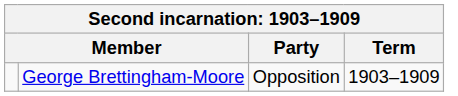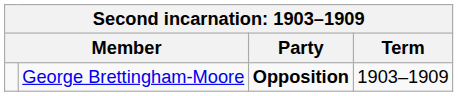 <table class="wikitable">
 <tr>
 <th colspan=4>Second incarnation: 1903–1909</th>
 </tr>
 <tr>
 <th colspan=2>Member</th>
 <th>Party</th>
 <th>Term</th>
 </tr>
 <tr>
 <td> </td>
 <td><a href='#'>George Brettingham-Moore</a></td>
-<td>Opposition</td>
+<td><strong>Opposition</strong></td>
 <td>1903–1909</td>
 </tr>
 </table>
